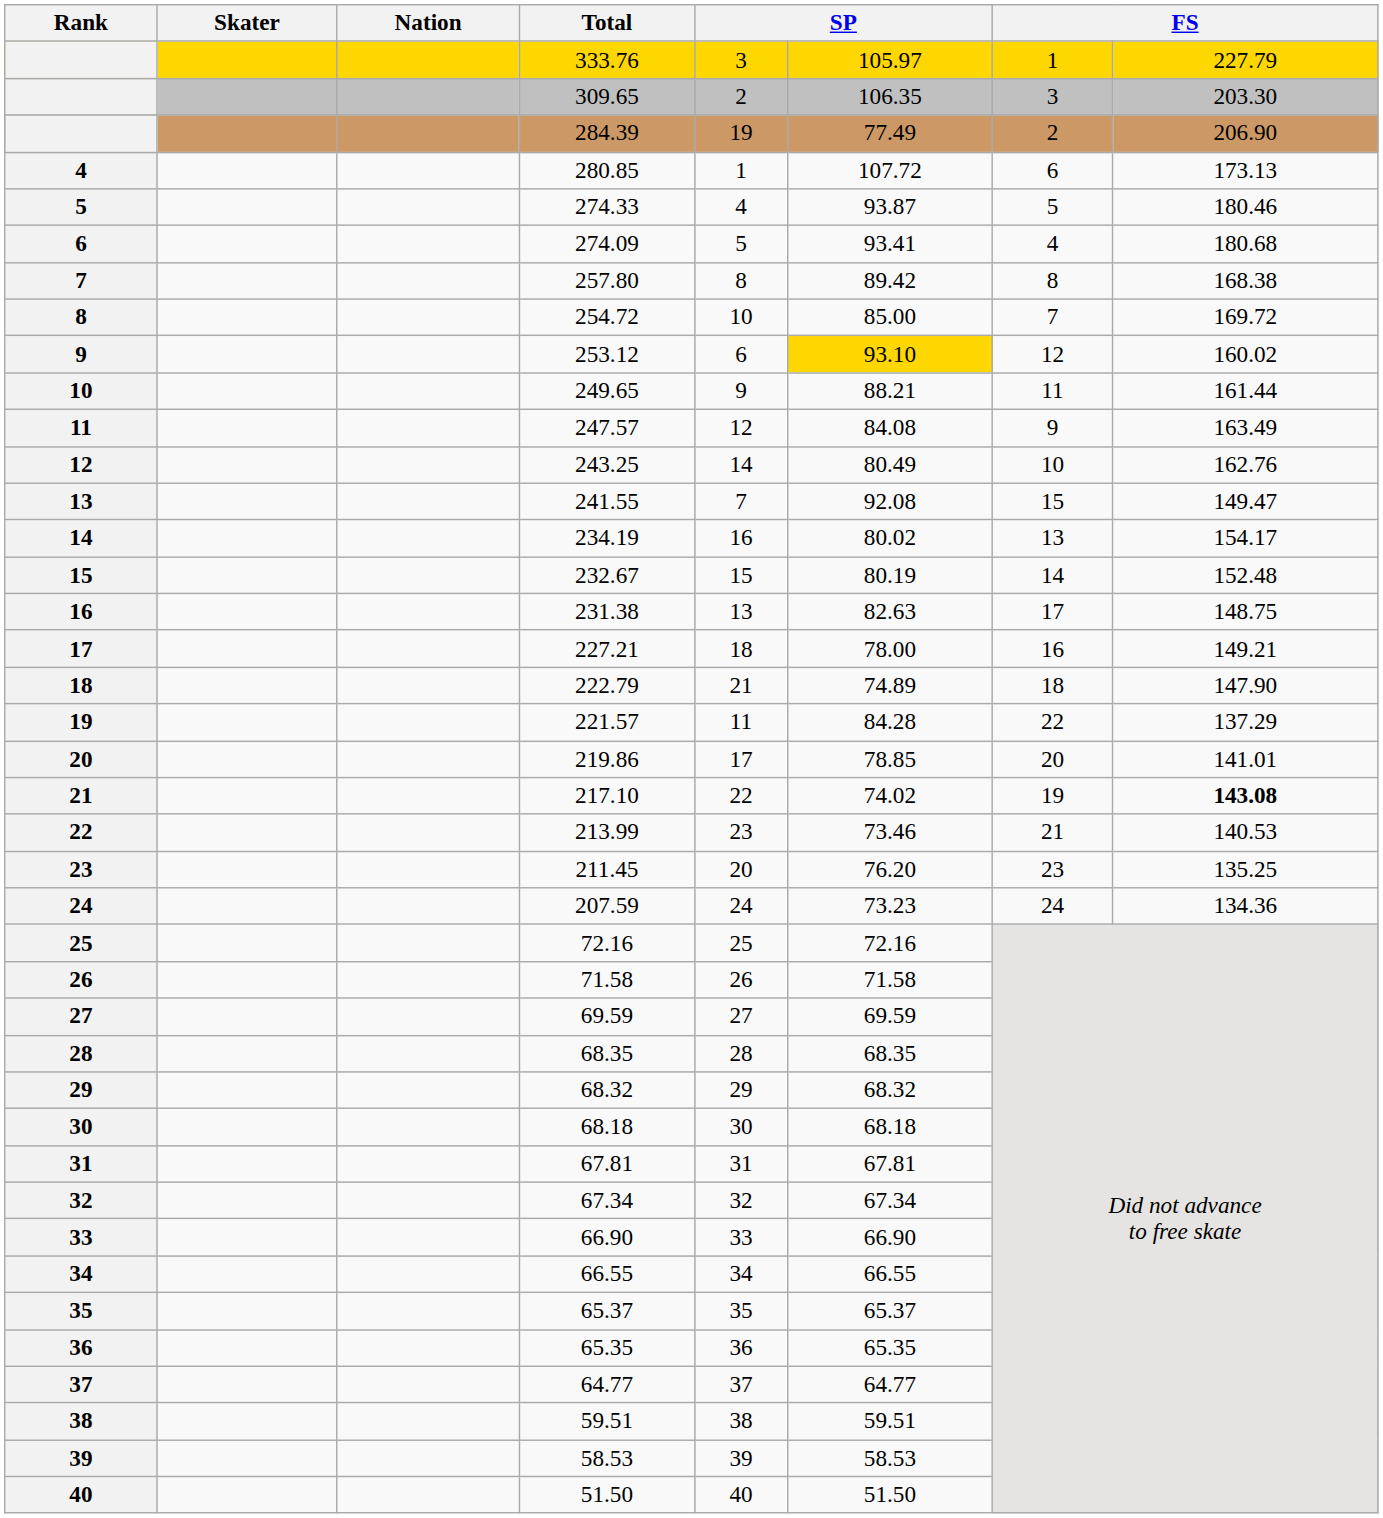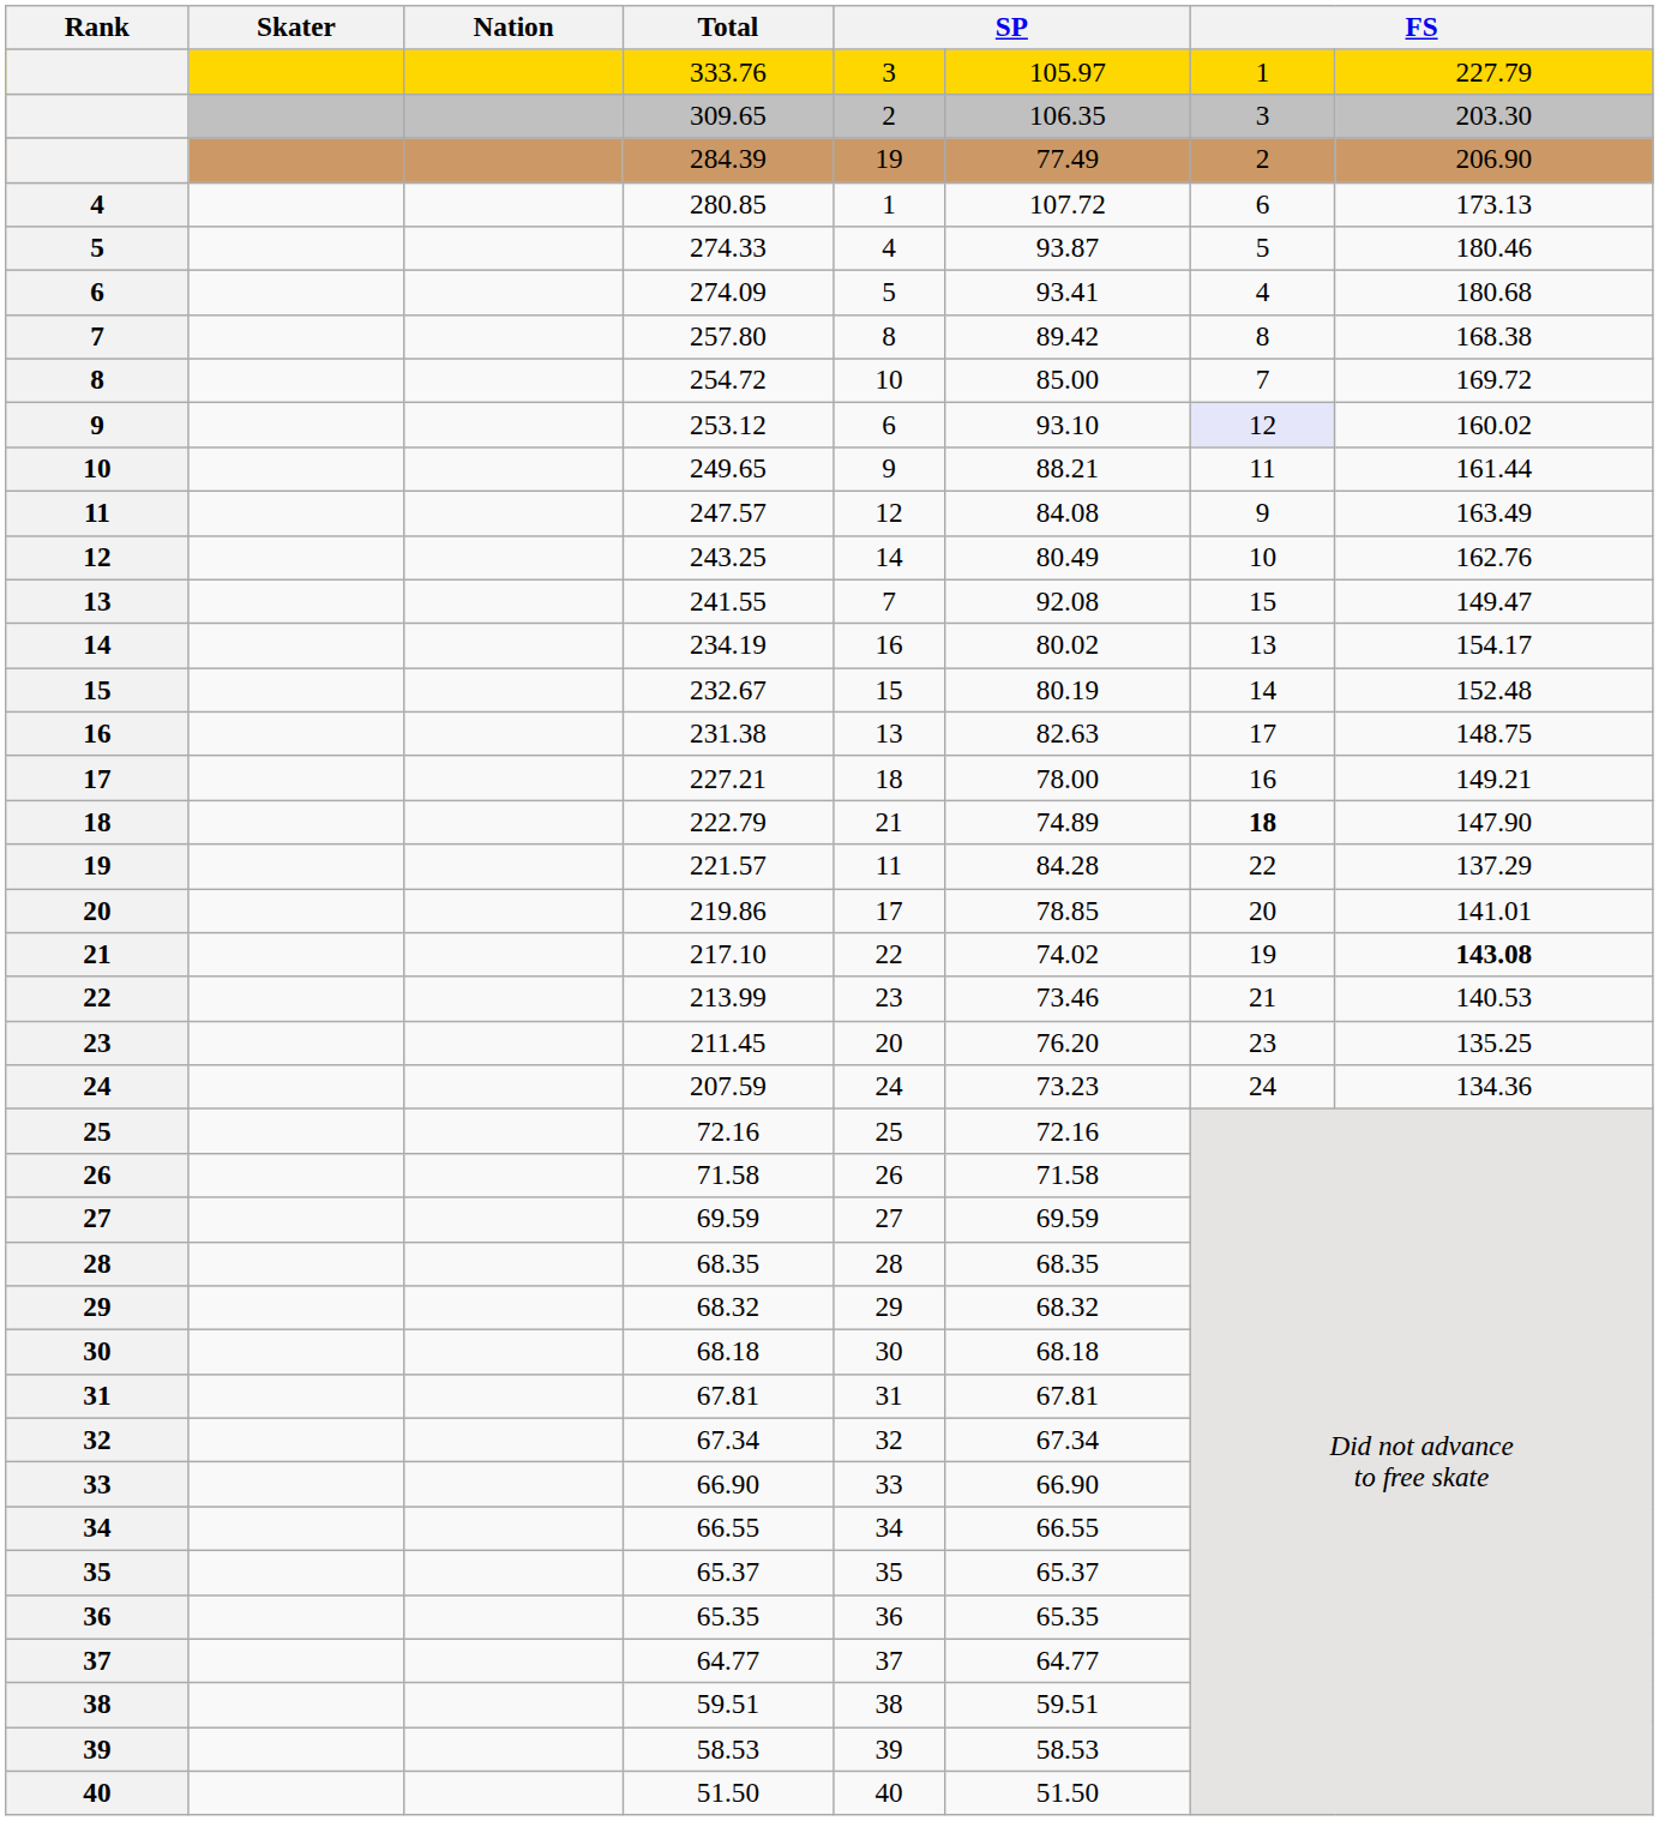 <table class="wikitable sortable" style="text-align:center; width:75%">
 <tr>
 <th scope="col">Rank</th>
 <th scope="col">Skater</th>
 <th scope="col">Nation</th>
 <th scope="col">Total</th>
 <th colspan="2" width="80px"><a href='#'>SP</a></th>
 <th colspan="2" width="80px"><a href='#'>FS</a></th>
 </tr>
 <tr bgcolor="gold">
 <th scope="row"></th>
 <td align="left"></td>
 <td align="left"></td>
 <td>333.76</td>
 <td>3</td>
 <td>105.97</td>
 <td>1</td>
 <td>227.79</td>
 </tr>
 <tr bgcolor="silver">
 <th scope="row"></th>
 <td align="left"></td>
 <td align="left"></td>
 <td>309.65</td>
 <td>2</td>
 <td>106.35</td>
 <td>3</td>
 <td>203.30</td>
 </tr>
 <tr bgcolor="#cc9966">
 <th scope="row"></th>
 <td align="left"></td>
 <td align="left"></td>
 <td>284.39</td>
 <td>19</td>
 <td>77.49</td>
 <td>2</td>
 <td>206.90</td>
 </tr>
 <tr>
 <th scope="row">4</th>
 <td align="left"></td>
 <td align="left"></td>
 <td>280.85</td>
 <td>1</td>
 <td>107.72</td>
 <td>6</td>
 <td>173.13</td>
 </tr>
 <tr>
 <th scope="row">5</th>
 <td align="left"></td>
 <td align="left"></td>
 <td>274.33</td>
 <td>4</td>
 <td>93.87</td>
 <td>5</td>
 <td>180.46</td>
 </tr>
 <tr>
 <th scope="row">6</th>
 <td align="left"></td>
 <td align="left"></td>
 <td>274.09</td>
 <td>5</td>
 <td>93.41</td>
 <td>4</td>
 <td>180.68</td>
 </tr>
 <tr>
 <th scope="row">7</th>
 <td align="left"></td>
 <td align="left"></td>
 <td>257.80</td>
 <td>8</td>
 <td>89.42</td>
 <td>8</td>
 <td>168.38</td>
 </tr>
 <tr>
 <th scope="row">8</th>
 <td align="left"></td>
 <td align="left"></td>
 <td>254.72</td>
 <td>10</td>
 <td>85.00</td>
 <td>7</td>
 <td>169.72</td>
 </tr>
 <tr>
 <th scope="row">9</th>
 <td align="left"></td>
 <td align="left"></td>
 <td>253.12</td>
 <td>6</td>
-<td style="background: gold;">93.10</td>
-<td>12</td>
+<td>93.10</td>
+<td style="background: lavender;">12</td>
 <td>160.02</td>
 </tr>
 <tr>
 <th scope="row">10</th>
 <td align="left"></td>
 <td align="left"></td>
 <td>249.65</td>
 <td>9</td>
 <td>88.21</td>
 <td>11</td>
 <td>161.44</td>
 </tr>
 <tr>
 <th scope="row">11</th>
 <td align="left"></td>
 <td align="left"></td>
 <td>247.57</td>
 <td>12</td>
 <td>84.08</td>
 <td>9</td>
 <td>163.49</td>
 </tr>
 <tr>
 <th scope="row">12</th>
 <td align="left"></td>
 <td align="left"></td>
 <td>243.25</td>
 <td>14</td>
 <td>80.49</td>
 <td>10</td>
 <td>162.76</td>
 </tr>
 <tr>
 <th scope="row">13</th>
 <td align="left"></td>
 <td align="left"></td>
 <td>241.55</td>
 <td>7</td>
 <td>92.08</td>
 <td>15</td>
 <td>149.47</td>
 </tr>
 <tr>
 <th scope="row">14</th>
 <td align="left"></td>
 <td align="left"></td>
 <td>234.19</td>
 <td>16</td>
 <td>80.02</td>
 <td>13</td>
 <td>154.17</td>
 </tr>
 <tr>
 <th scope="row">15</th>
 <td align="left"></td>
 <td align="left"></td>
 <td>232.67</td>
 <td>15</td>
 <td>80.19</td>
 <td>14</td>
 <td>152.48</td>
 </tr>
 <tr>
 <th scope="row">16</th>
 <td align="left"></td>
 <td align="left"></td>
 <td>231.38</td>
 <td>13</td>
 <td>82.63</td>
 <td>17</td>
 <td>148.75</td>
 </tr>
 <tr>
 <th scope="row">17</th>
 <td align="left"></td>
 <td align="left"></td>
 <td>227.21</td>
 <td>18</td>
 <td>78.00</td>
 <td>16</td>
 <td>149.21</td>
 </tr>
 <tr>
 <th scope="row">18</th>
 <td align="left"></td>
 <td align="left"></td>
 <td>222.79</td>
 <td>21</td>
 <td>74.89</td>
-<td>18</td>
+<td><strong>18</strong></td>
 <td>147.90</td>
 </tr>
 <tr>
 <th scope="row">19</th>
 <td align="left"></td>
 <td align="left"></td>
 <td>221.57</td>
 <td>11</td>
 <td>84.28</td>
 <td>22</td>
 <td>137.29</td>
 </tr>
 <tr>
 <th scope="row">20</th>
 <td align="left"></td>
 <td align="left"></td>
 <td>219.86</td>
 <td>17</td>
 <td>78.85</td>
 <td>20</td>
 <td>141.01</td>
 </tr>
 <tr>
 <th scope="row">21</th>
 <td align="left"></td>
 <td align="left"></td>
 <td>217.10</td>
 <td>22</td>
 <td>74.02</td>
 <td>19</td>
 <td><strong>143.08</strong></td>
 </tr>
 <tr>
 <th scope="row">22</th>
 <td align="left"></td>
 <td align="left"></td>
 <td>213.99</td>
 <td>23</td>
 <td>73.46</td>
 <td>21</td>
 <td>140.53</td>
 </tr>
 <tr>
 <th scope="row">23</th>
 <td align="left"></td>
 <td align="left"></td>
 <td>211.45</td>
 <td>20</td>
 <td>76.20</td>
 <td>23</td>
 <td>135.25</td>
 </tr>
 <tr>
 <th scope="row">24</th>
 <td align="left"></td>
 <td align="left"></td>
 <td>207.59</td>
 <td>24</td>
 <td>73.23</td>
 <td>24</td>
 <td>134.36</td>
 </tr>
 <tr>
 <th scope="row">25</th>
 <td align="left"></td>
 <td align="left"></td>
 <td>72.16</td>
 <td>25</td>
 <td>72.16</td>
 <td colspan="2" rowspan="16" align="center" bgcolor="e5e4e2"><em>Did not advance<br>to free skate</em></td>
 </tr>
 <tr>
 <th scope="row">26</th>
 <td align="left"></td>
 <td align="left"></td>
 <td>71.58</td>
 <td>26</td>
 <td>71.58</td>
 </tr>
 <tr>
 <th scope="row">27</th>
 <td align="left"></td>
 <td align="left"></td>
 <td>69.59</td>
 <td>27</td>
 <td>69.59</td>
 </tr>
 <tr>
 <th scope="row">28</th>
 <td align="left"></td>
 <td align="left"></td>
 <td>68.35</td>
 <td>28</td>
 <td>68.35</td>
 </tr>
 <tr>
 <th scope="row">29</th>
 <td align="left"></td>
 <td align="left"></td>
 <td>68.32</td>
 <td>29</td>
 <td>68.32</td>
 </tr>
 <tr>
 <th scope="row">30</th>
 <td align="left"></td>
 <td align="left"></td>
 <td>68.18</td>
 <td>30</td>
 <td>68.18</td>
 </tr>
 <tr>
 <th scope="row">31</th>
 <td align="left"></td>
 <td align="left"></td>
 <td>67.81</td>
 <td>31</td>
 <td>67.81</td>
 </tr>
 <tr>
 <th scope="row">32</th>
 <td align="left"></td>
 <td align="left"></td>
 <td>67.34</td>
 <td>32</td>
 <td>67.34</td>
 </tr>
 <tr>
 <th scope="row">33</th>
 <td align="left"></td>
 <td align="left"></td>
 <td>66.90</td>
 <td>33</td>
 <td>66.90</td>
 </tr>
 <tr>
 <th scope="row">34</th>
 <td align="left"></td>
 <td align="left"></td>
 <td>66.55</td>
 <td>34</td>
 <td>66.55</td>
 </tr>
 <tr>
 <th scope="row">35</th>
 <td align="left"></td>
 <td align="left"></td>
 <td>65.37</td>
 <td>35</td>
 <td>65.37</td>
 </tr>
 <tr>
 <th scope="row">36</th>
 <td align="left"></td>
 <td align="left"></td>
 <td>65.35</td>
 <td>36</td>
 <td>65.35</td>
 </tr>
 <tr>
 <th scope="row">37</th>
 <td align="left"></td>
 <td align="left"></td>
 <td>64.77</td>
 <td>37</td>
 <td>64.77</td>
 </tr>
 <tr>
 <th scope="row">38</th>
 <td align="left"></td>
 <td align="left"></td>
 <td>59.51</td>
 <td>38</td>
 <td>59.51</td>
 </tr>
 <tr>
 <th scope="row">39</th>
 <td align="left"></td>
 <td align="left"></td>
 <td>58.53</td>
 <td>39</td>
 <td>58.53</td>
 </tr>
 <tr>
 <th scope="row">40</th>
 <td align="left"></td>
 <td align="left"></td>
 <td>51.50</td>
 <td>40</td>
 <td>51.50</td>
 </tr>
 </table>
